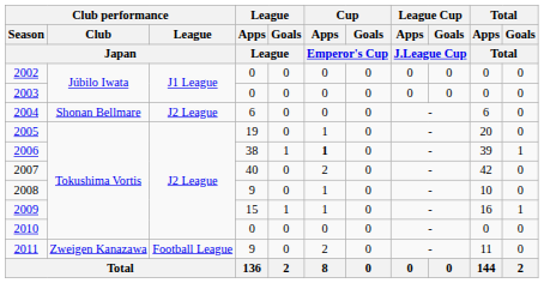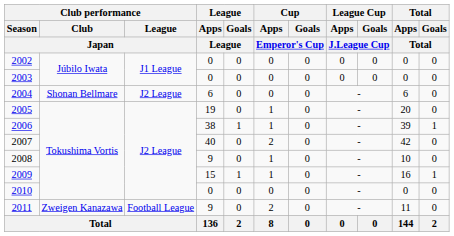 <table class="wikitable" style="text-align:center;">
 <tr>
 <th colspan=3>Club performance</th>
 <th colspan=2>League</th>
 <th colspan=2>Cup</th>
 <th colspan=2>League Cup</th>
 <th colspan=2>Total</th>
 </tr>
 <tr>
 <th>Season</th>
 <th>Club</th>
 <th>League</th>
 <th>Apps</th>
 <th>Goals</th>
 <th>Apps</th>
 <th>Goals</th>
 <th>Apps</th>
 <th>Goals</th>
 <th>Apps</th>
 <th>Goals</th>
 </tr>
 <tr>
 <th colspan=3>Japan</th>
 <th colspan=2>League</th>
 <th colspan=2><a href='#'>Emperor's Cup</a></th>
 <th colspan=2><a href='#'>J.League Cup</a></th>
 <th colspan=2>Total</th>
 </tr>
 <tr>
 <td><a href='#'>2002</a></td>
 <td rowspan="2"><a href='#'>Júbilo Iwata</a></td>
 <td rowspan="2"><a href='#'>J1 League</a></td>
 <td>0</td>
 <td>0</td>
 <td>0</td>
 <td>0</td>
 <td>0</td>
 <td>0</td>
 <td>0</td>
 <td>0</td>
 </tr>
 <tr>
 <td><a href='#'>2003</a></td>
 <td>0</td>
 <td>0</td>
 <td>0</td>
 <td>0</td>
 <td>0</td>
 <td>0</td>
 <td>0</td>
 <td>0</td>
 </tr>
 <tr>
 <td><a href='#'>2004</a></td>
 <td><a href='#'>Shonan Bellmare</a></td>
 <td><a href='#'>J2 League</a></td>
 <td>6</td>
 <td>0</td>
 <td>0</td>
 <td>0</td>
 <td colspan="2">-</td>
 <td>6</td>
 <td>0</td>
 </tr>
 <tr>
 <td><a href='#'>2005</a></td>
 <td rowspan="6"><a href='#'>Tokushima Vortis</a></td>
 <td rowspan="6"><a href='#'>J2 League</a></td>
 <td>19</td>
 <td>0</td>
 <td>1</td>
 <td>0</td>
 <td colspan="2">-</td>
 <td>20</td>
 <td>0</td>
 </tr>
 <tr>
 <td><a href='#'>2006</a></td>
 <td>38</td>
 <td>1</td>
-<td><strong>1</strong></td>
+<td>1</td>
 <td>0</td>
 <td colspan="2">-</td>
 <td>39</td>
 <td>1</td>
 </tr>
 <tr>
 <td>2007</td>
 <td>40</td>
 <td>0</td>
 <td>2</td>
 <td>0</td>
 <td colspan="2">-</td>
 <td>42</td>
 <td>0</td>
 </tr>
 <tr>
 <td>2008</td>
 <td>9</td>
 <td>0</td>
 <td>1</td>
 <td>0</td>
 <td colspan="2">-</td>
 <td>10</td>
 <td>0</td>
 </tr>
 <tr>
 <td><a href='#'>2009</a></td>
 <td>15</td>
 <td>1</td>
 <td>1</td>
 <td>0</td>
 <td colspan="2">-</td>
 <td>16</td>
 <td>1</td>
 </tr>
 <tr>
 <td><a href='#'>2010</a></td>
 <td>0</td>
 <td>0</td>
 <td>0</td>
 <td>0</td>
 <td colspan="2">-</td>
 <td>0</td>
 <td>0</td>
 </tr>
 <tr>
 <td><a href='#'>2011</a></td>
 <td><a href='#'>Zweigen Kanazawa</a></td>
 <td><a href='#'>Football League</a></td>
 <td>9</td>
 <td>0</td>
 <td>2</td>
 <td>0</td>
 <td colspan="2">-</td>
 <td>11</td>
 <td>0</td>
 </tr>
 <tr>
 <th colspan=3>Total</th>
 <th>136</th>
 <th>2</th>
 <th>8</th>
 <th>0</th>
 <th>0</th>
 <th>0</th>
 <th>144</th>
 <th>2</th>
 </tr>
 </table>
